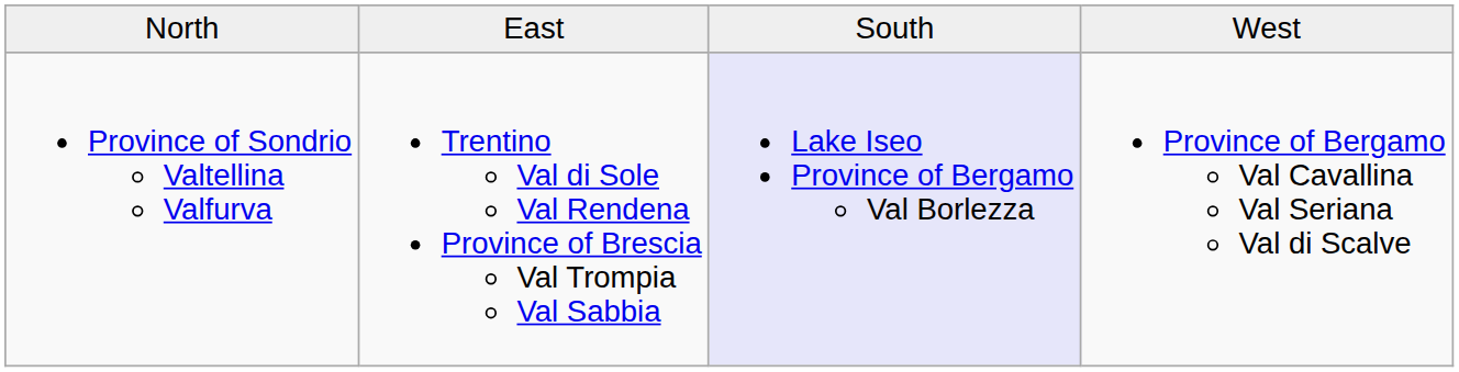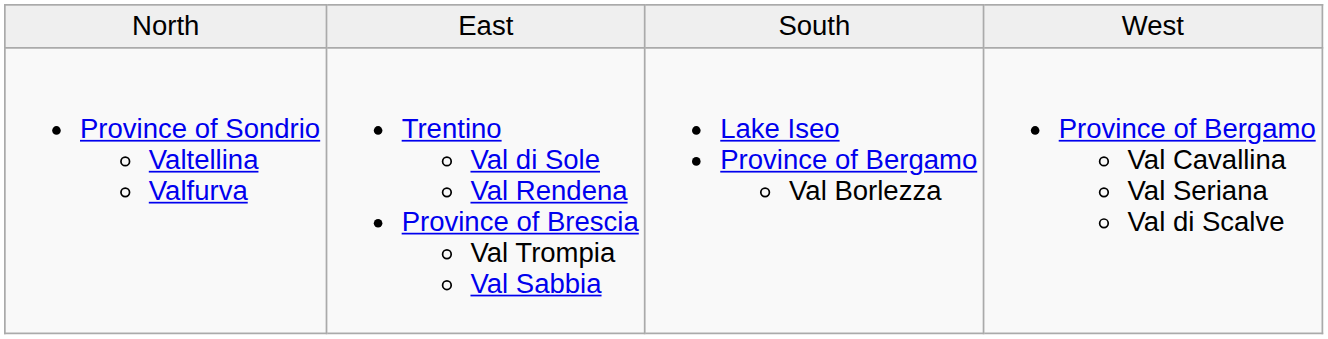 <table class="wikitable" border="1">
 <tr bgcolor="#efefef">
 <td align="center">North</td>
 <td align="center">East</td>
 <td align="center">South</td>
 <td align="center">West</td>
 </tr>
 <tr>
 <td valign=top><br><ul><li><a href='#'>Province of Sondrio</a><ul><li><a href='#'>Valtellina</a></li><li><a href='#'>Valfurva</a></li></ul></li></ul></td>
 <td valign=top><br><ul><li><a href='#'>Trentino</a><ul><li><a href='#'>Val di Sole</a></li><li><a href='#'>Val Rendena</a></li></ul></li><li><a href='#'>Province of Brescia</a><ul><li>Val Trompia</li><li><a href='#'>Val Sabbia</a></li></ul></li></ul></td>
-<td valign=top style="background: lavender;"><br><ul><li><a href='#'>Lake Iseo</a></li><li><a href='#'>Province of Bergamo</a><ul><li>Val Borlezza</li></ul></li></ul></td>
+<td valign=top><br><ul><li><a href='#'>Lake Iseo</a></li><li><a href='#'>Province of Bergamo</a><ul><li>Val Borlezza</li></ul></li></ul></td>
 <td valign=top><br><ul><li><a href='#'>Province of Bergamo</a><ul><li>Val Cavallina</li><li>Val Seriana</li><li>Val di Scalve</li></ul></li></ul></td>
 </tr>
 </table>
